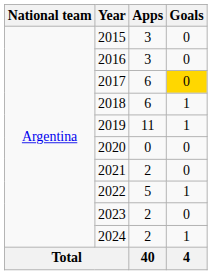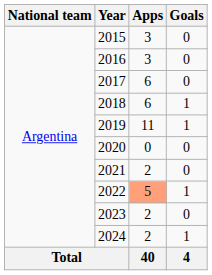 <table class="wikitable" style="text-align:center">
 <tr>
 <th>National team</th>
 <th>Year</th>
 <th>Apps</th>
 <th>Goals</th>
 </tr>
 <tr>
 <td rowspan="10"><a href='#'>Argentina</a></td>
 <td>2015</td>
 <td>3</td>
 <td>0</td>
 </tr>
 <tr>
 <td>2016</td>
 <td>3</td>
 <td>0</td>
 </tr>
 <tr>
 <td>2017</td>
 <td>6</td>
-<td style="background: gold;">0</td>
+<td>0</td>
 </tr>
 <tr>
 <td>2018</td>
 <td>6</td>
 <td>1</td>
 </tr>
 <tr>
 <td>2019</td>
 <td>11</td>
 <td>1</td>
 </tr>
 <tr>
 <td>2020</td>
 <td>0</td>
 <td>0</td>
 </tr>
 <tr>
 <td>2021</td>
 <td>2</td>
 <td>0</td>
 </tr>
 <tr>
 <td>2022</td>
-<td>5</td>
+<td style="background: lightsalmon;">5</td>
 <td>1</td>
 </tr>
 <tr>
 <td>2023</td>
 <td>2</td>
 <td>0</td>
 </tr>
 <tr>
 <td>2024</td>
 <td>2</td>
 <td>1</td>
 </tr>
 <tr>
 <th colspan="2">Total</th>
 <th>40</th>
 <th>4</th>
 </tr>
 </table>
